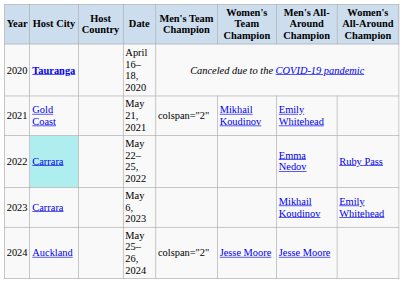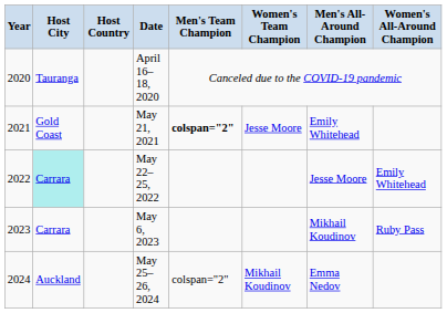 <table class="wikitable" align="center">
 <tr>
 <th style="background-color: #CCDDEE;">Year</th>
 <th style="background-color: #CCDDEE;">Host City</th>
 <th style="background-color: #CCDDEE;">Host Country</th>
 <th style="background-color: #CCDDEE;">Date</th>
 <th style="background-color: #CCDDEE;">Men's Team Champion</th>
 <th style="background-color: #CCDDEE;">Women's Team Champion</th>
 <th style="background-color: #CCDDEE;">Men's All-Around Champion</th>
 <th style="background-color: #CCDDEE;">Women's All-Around Champion</th>
 </tr>
 <tr>
 <td>2020</td>
-<td><strong><a href='#'>Tauranga</a></strong></td>
+<td><a href='#'>Tauranga</a></td>
 <td></td>
 <td>April 16–18, 2020</td>
 <td align=center colspan="4"><em>Canceled due to the <a href='#'>COVID-19 pandemic</a></em></td>
 </tr>
 <tr>
 <td>2021</td>
 <td><a href='#'>Gold Coast</a></td>
 <td></td>
 <td>May 21, 2021</td>
-<td>colspan="2" </td>
-<td> <a href='#'>Mikhail Koudinov</a></td>
+<td><strong>colspan="2" </strong></td>
+<td> <a href='#'>Jesse Moore</a></td>
 <td> <a href='#'>Emily Whitehead</a></td>
 </tr>
 <tr>
 <td>2022</td>
 <td style="background: paleturquoise;"><a href='#'>Carrara</a></td>
 <td></td>
 <td>May 22–25, 2022</td>
 <td></td>
 <td></td>
-<td> <a href='#'>Emma Nedov</a></td>
-<td> <a href='#'>Ruby Pass</a></td>
+<td> <a href='#'>Jesse Moore</a></td>
+<td> <a href='#'>Emily Whitehead</a></td>
 </tr>
 <tr>
 <td>2023</td>
 <td><a href='#'>Carrara</a></td>
 <td></td>
 <td>May 6, 2023</td>
 <td></td>
 <td></td>
 <td> <a href='#'>Mikhail Koudinov</a></td>
-<td> <a href='#'>Emily Whitehead</a></td>
+<td> <a href='#'>Ruby Pass</a></td>
 </tr>
 <tr>
 <td>2024</td>
 <td><a href='#'>Auckland</a></td>
 <td></td>
 <td>May 25–26, 2024</td>
 <td>colspan="2" </td>
-<td> <a href='#'>Jesse Moore</a></td>
-<td> <a href='#'>Jesse Moore</a></td>
+<td> <a href='#'>Mikhail Koudinov</a></td>
+<td> <a href='#'>Emma Nedov</a></td>
 </tr>
 </table>
